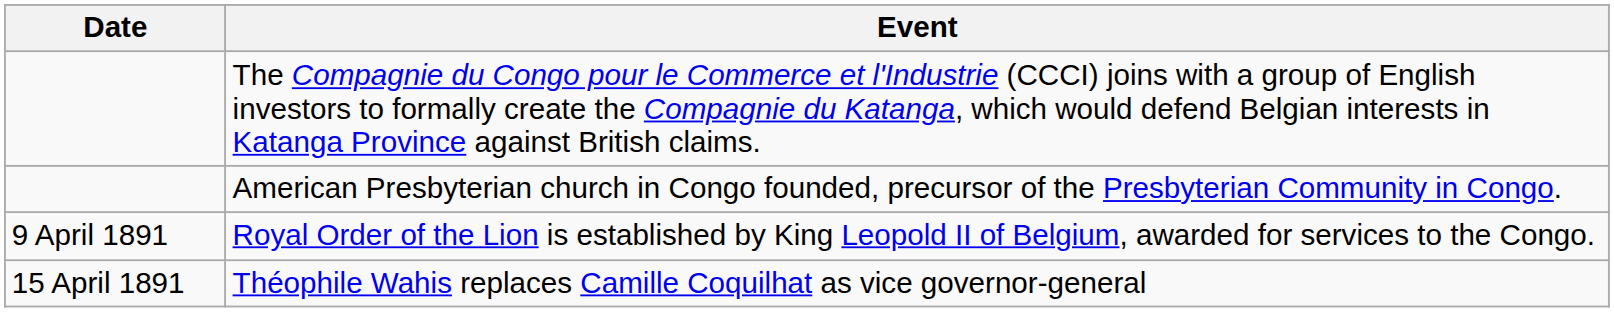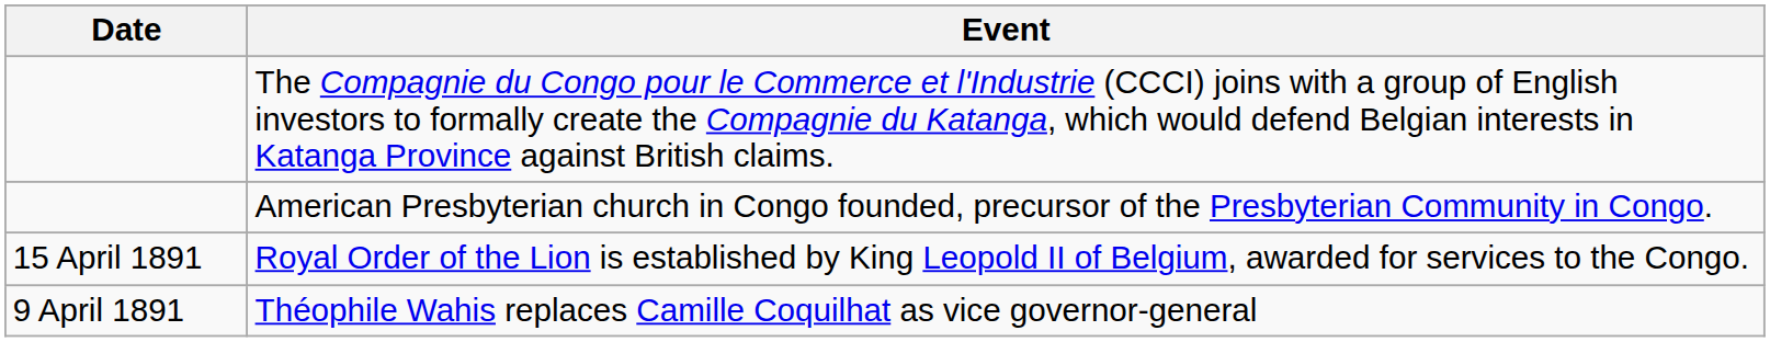 <table class=wikitable>
 <tr>
 <th style="width:7em">Date</th>
 <th>Event</th>
 </tr>
 <tr>
 <td></td>
 <td>The <em><a href='#'>Compagnie du Congo pour le Commerce et l'Industrie</a></em> (CCCI) joins with a group of English investors to formally create the <em><a href='#'>Compagnie du Katanga</a></em>, which would defend Belgian interests in <a href='#'>Katanga Province</a> against British claims.</td>
 </tr>
 <tr>
 <td></td>
 <td>American Presbyterian church in Congo founded, precursor of the <a href='#'>Presbyterian Community in Congo</a>.</td>
 </tr>
 <tr>
-<td>9 April 1891</td>
+<td>15 April 1891</td>
 <td><a href='#'>Royal Order of the Lion</a> is established by King <a href='#'>Leopold II of Belgium</a>, awarded for services to the Congo.</td>
 </tr>
 <tr>
-<td>15 April 1891</td>
+<td>9 April 1891</td>
 <td><a href='#'>Théophile Wahis</a> replaces <a href='#'>Camille Coquilhat</a> as vice governor-general</td>
 </tr>
 </table>
